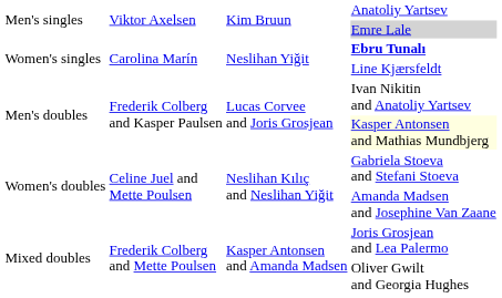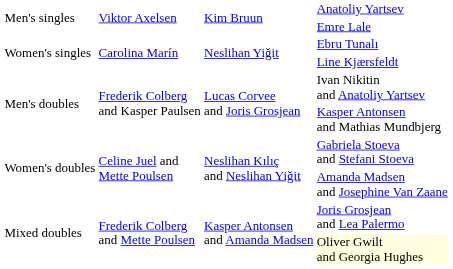 <table>
 <tr>
 <td rowspan=2>Men's singles</td>
 <td rowspan=2> <a href='#'>Viktor Axelsen</a></td>
 <td rowspan=2> <a href='#'>Kim Bruun</a></td>
 <td> <a href='#'>Anatoliy Yartsev</a></td>
 </tr>
 <tr>
-<td style="background: lightgrey;"> <a href='#'>Emre Lale</a></td>
+<td> <a href='#'>Emre Lale</a></td>
 </tr>
 <tr>
 <td rowspan=2>Women's singles</td>
 <td rowspan=2> <a href='#'>Carolina Marín</a></td>
 <td rowspan=2> <a href='#'>Neslihan Yiğit</a></td>
-<td><strong> <a href='#'>Ebru Tunalı</a></strong></td>
+<td> <a href='#'>Ebru Tunalı</a></td>
 </tr>
 <tr>
 <td> <a href='#'>Line Kjærsfeldt</a></td>
 </tr>
 <tr>
 <td rowspan=2>Men's doubles</td>
 <td rowspan=2> <a href='#'>Frederik Colberg</a><br>and Kasper Paulsen</td>
 <td rowspan=2> <a href='#'>Lucas Corvee</a><br>and <a href='#'>Joris Grosjean</a></td>
 <td> Ivan Nikitin<br>and <a href='#'>Anatoliy Yartsev</a></td>
 </tr>
 <tr>
-<td style="background: lightyellow;"> <a href='#'>Kasper Antonsen</a><br>and Mathias Mundbjerg</td>
+<td> <a href='#'>Kasper Antonsen</a><br>and Mathias Mundbjerg</td>
 </tr>
 <tr>
 <td rowspan=2>Women's doubles</td>
 <td rowspan=2> <a href='#'>Celine Juel</a> and<br><a href='#'>Mette Poulsen</a></td>
 <td rowspan=2> <a href='#'>Neslihan Kılıç</a><br>and <a href='#'>Neslihan Yiğit</a></td>
 <td> <a href='#'>Gabriela Stoeva</a><br>and <a href='#'>Stefani Stoeva</a></td>
 </tr>
 <tr>
 <td> <a href='#'>Amanda Madsen</a><br>and <a href='#'>Josephine Van Zaane</a></td>
 </tr>
 <tr>
 <td rowspan=2>Mixed doubles</td>
 <td rowspan=2> <a href='#'>Frederik Colberg</a><br>and <a href='#'>Mette Poulsen</a></td>
 <td rowspan=2> <a href='#'>Kasper Antonsen</a><br>and <a href='#'>Amanda Madsen</a></td>
 <td> <a href='#'>Joris Grosjean</a><br>and <a href='#'>Lea Palermo</a></td>
 </tr>
 <tr>
-<td> Oliver Gwilt<br>and Georgia Hughes</td>
+<td style="background: lightyellow;"> Oliver Gwilt<br>and Georgia Hughes</td>
 </tr>
 </table>
